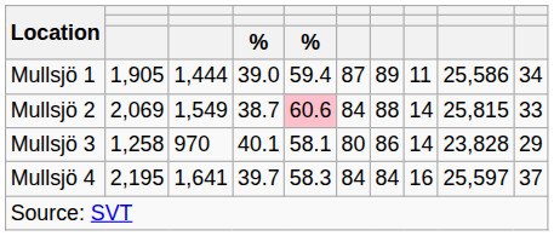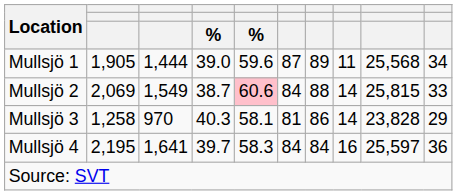 <table role="presentation" class="wikitable sortable mw-collapsible">
 <tr>
 <th rowspan="3">Location</th>
 <th></th>
 <th></th>
 <th></th>
 <th></th>
 <th></th>
 <th></th>
 <th></th>
 <th></th>
 <th></th>
 </tr>
 <tr>
 <th></th>
 <th></th>
 <th style="background:"></th>
 <th style="background:"></th>
 <th></th>
 <th></th>
 <th></th>
 <th></th>
 <th></th>
 </tr>
 <tr>
 <th data-sort-type="number"></th>
 <th data-sort-type="number"></th>
 <th data-sort-type="number">%</th>
 <th data-sort-type="number">%</th>
 <th data-sort-type="number"></th>
 <th data-sort-type="number"></th>
 <th data-sort-type="number"></th>
 <th data-sort-type="number"></th>
 <th data-sort-type="number"></th>
 </tr>
 <tr>
 <td align="left">Mullsjö 1</td>
 <td>1,905</td>
 <td>1,444</td>
 <td>39.0</td>
-<td>59.4</td>
+<td>59.6</td>
 <td>87</td>
 <td>89</td>
 <td>11</td>
-<td>25,586</td>
+<td>25,568</td>
 <td>34</td>
 </tr>
 <tr>
 <td align="left">Mullsjö 2</td>
 <td>2,069</td>
 <td>1,549</td>
 <td>38.7</td>
 <td style="background: pink;">60.6</td>
 <td>84</td>
 <td>88</td>
 <td>14</td>
 <td>25,815</td>
 <td>33</td>
 </tr>
 <tr>
 <td align="left">Mullsjö 3</td>
 <td>1,258</td>
 <td>970</td>
-<td>40.1</td>
+<td>40.3</td>
 <td>58.1</td>
-<td>80</td>
+<td>81</td>
 <td>86</td>
 <td>14</td>
 <td>23,828</td>
 <td>29</td>
 </tr>
 <tr>
 <td align="left">Mullsjö 4</td>
 <td>2,195</td>
 <td>1,641</td>
 <td>39.7</td>
 <td>58.3</td>
 <td>84</td>
 <td>84</td>
 <td>16</td>
 <td>25,597</td>
-<td>37</td>
+<td>36</td>
 </tr>
 <tr>
 <td colspan="10" align="left">Source: <a href='#'>SVT</a></td>
 </tr>
 </table>
